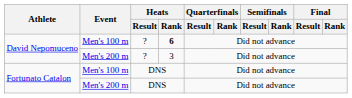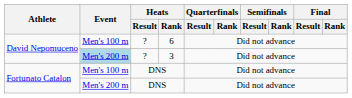 <table class=wikitable style="font-size:90%">
 <tr>
 <th rowspan=2>Athlete</th>
 <th rowspan=2>Event</th>
 <th colspan=2>Heats</th>
 <th colspan=2>Quarterfinals</th>
 <th colspan=2>Semifinals</th>
 <th colspan=2>Final</th>
 </tr>
 <tr>
 <th>Result</th>
 <th>Rank</th>
 <th>Result</th>
 <th>Rank</th>
 <th>Result</th>
 <th>Rank</th>
 <th>Result</th>
 <th>Rank</th>
 </tr>
 <tr>
 <td rowspan=2><a href='#'>David Nepomuceno</a></td>
 <td><a href='#'>Men's 100 m</a></td>
 <td align=center>?</td>
-<td align=center><strong>6</strong></td>
+<td align=center>6</td>
 <td align=center colspan=6>Did not advance</td>
 </tr>
 <tr>
-<td><a href='#'>Men's 200 m</a></td>
+<td style="background: lightblue;"><a href='#'>Men's 200 m</a></td>
 <td align=center>?</td>
 <td align=center>3</td>
 <td align=center colspan=6>Did not advance</td>
 </tr>
 <tr>
 <td rowspan=2><a href='#'>Fortunato Catalon</a></td>
 <td><a href='#'>Men's 100 m</a></td>
 <td align=center colspan=2>DNS</td>
 <td align=center colspan=6>Did not advance</td>
 </tr>
 <tr>
 <td><a href='#'>Men's 200 m</a></td>
 <td align=center colspan=2>DNS</td>
 <td align=center colspan=6>Did not advance</td>
 </tr>
 </table>
